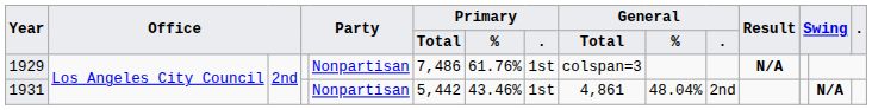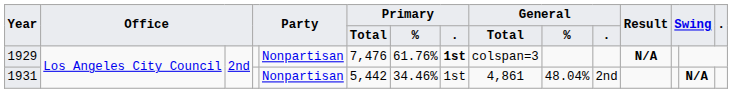 <table class="wikitable" style="font-size:90%; text-align:center;">
 <tr>
 <th style="background-color:#EAECF0;" rowspan=2>Year</th>
 <th style="background-color:#EAECF0;" rowspan=2 colspan=2>Office</th>
 <th style="background-color:#EAECF0;" colspan=2 rowspan=2>Party</th>
 <th style="background-color:#EAECF0;" colspan=3>Primary</th>
 <th style="background-color:#EAECF0;" colspan=3>General</th>
 <th style="background-color:#EAECF0;" rowspan=2>Result</th>
 <th style="background-color:#EAECF0;" colspan=2 rowspan=2><a href='#'>Swing</a></th>
 <th style="background-color:#EAECF0;" rowspan=2>.</th>
 </tr>
 <tr>
 <th style="background-color:#EAECF0;">Total</th>
 <th style="background-color:#EAECF0;">%</th>
 <th style="background-color:#EAECF0;">.</th>
 <th style="background-color:#EAECF0;">Total</th>
 <th style="background-color:#EAECF0;">%</th>
 <th style="background-color:#EAECF0;">.</th>
 </tr>
 <tr>
 <td style="background-color:#EAECF0;">1929</td>
 <td rowspan=2><a href='#'>Los Angeles City Council</a></td>
 <td rowspan=2><a href='#'>2nd</a></td>
 <td style="background-color:"></td>
 <td><a href='#'>Nonpartisan</a></td>
-<td>7,486</td>
+<td>7,476</td>
 <td>61.76%</td>
-<td>1st</td>
+<td><strong>1st</strong></td>
 <td>colspan=3 </td>
 <td></td>
 <td style="background-color:"></td>
 <td><strong>N/A</strong></td>
 <td></td>
 </tr>
 <tr>
 <td style="background-color:#EAECF0;">1931</td>
 <td style="background-color:"></td>
 <td><a href='#'>Nonpartisan</a></td>
 <td>5,442</td>
-<td>43.46%</td>
+<td>34.46%</td>
 <td>1st</td>
 <td>4,861</td>
 <td>48.04%</td>
 <td>2nd</td>
 <td></td>
 <td style="background-color:"></td>
 <td><strong>N/A</strong></td>
 <td></td>
 </tr>
 </table>
